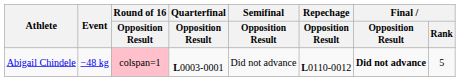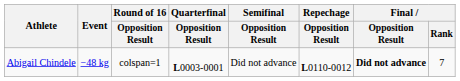 <table class="wikitable" style="font-size:90%">
 <tr>
 <th rowspan=2>Athlete</th>
 <th rowspan=2>Event</th>
 <th>Round of 16</th>
 <th>Quarterfinal</th>
 <th>Semifinal</th>
 <th>Repechage</th>
 <th colspan=2>Final / </th>
 </tr>
 <tr style="font-size: 95%">
 <th>Opposition<br>Result</th>
 <th>Opposition<br>Result</th>
 <th>Opposition<br>Result</th>
 <th>Opposition<br>Result</th>
 <th>Opposition<br>Result</th>
 <th>Rank</th>
 </tr>
 <tr align=center>
 <td align=left><a href='#'>Abigail Chindele</a></td>
 <td align=left><a href='#'>−48 kg</a></td>
-<td style="background: pink;">colspan=1 </td>
+<td>colspan=1 </td>
 <td><br><strong>L</strong>0003-0001</td>
 <td colspan=1>Did not advance</td>
 <td><br><strong>L</strong>0110-0012</td>
 <td colspan=1><strong>Did not advance</strong></td>
-<td>5</td>
+<td>7</td>
 </tr>
 </table>
